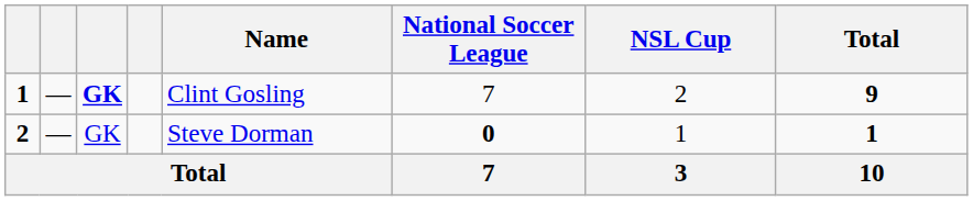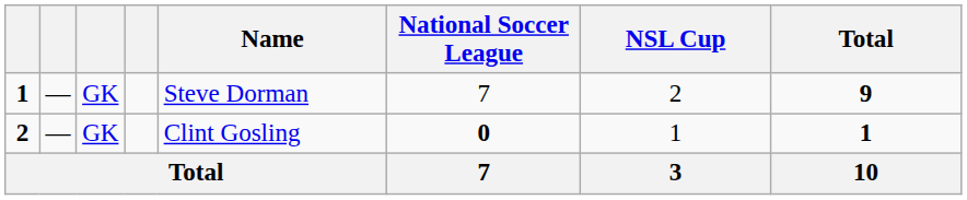 <table class="wikitable" style="text-align:center">
 <tr>
 <th width=15></th>
 <th width=15></th>
 <th width=15></th>
 <th width=15></th>
 <th width=145>Name</th>
 <th width=120><a href='#'>National Soccer League</a></th>
 <th width=120><a href='#'>NSL Cup</a></th>
 <th width=120>Total</th>
 </tr>
 <tr>
 <td><strong>1</strong></td>
 <td>—</td>
-<td><strong><a href='#'>GK</a></strong></td>
+<td><a href='#'>GK</a></td>
 <td></td>
-<td align=left><a href='#'>Clint Gosling</a></td>
+<td align=left><a href='#'>Steve Dorman</a></td>
 <td>7</td>
 <td>2</td>
 <td><strong>9</strong></td>
 </tr>
 <tr>
 <td><strong>2</strong></td>
 <td>—</td>
 <td><a href='#'>GK</a></td>
 <td></td>
-<td align=left><a href='#'>Steve Dorman</a></td>
+<td align=left><a href='#'>Clint Gosling</a></td>
 <td><strong>0</strong></td>
 <td>1</td>
 <td><strong>1</strong></td>
 </tr>
 <tr>
 <th colspan="5"><strong>Total</strong></th>
 <th>7</th>
 <th>3</th>
 <th>10</th>
 </tr>
 </table>
